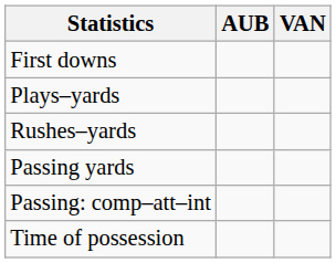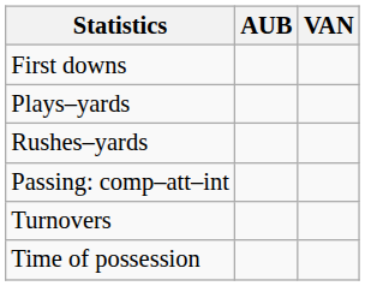 <table class="wikitable" style="float:left">
 <tr>
 <th>Statistics</th>
 <th>AUB</th>
 <th>VAN</th>
 </tr>
 <tr>
 <td>First downs</td>
 <td></td>
 <td></td>
 </tr>
 <tr>
 <td>Plays–yards</td>
 <td></td>
 <td></td>
 </tr>
 <tr>
 <td>Rushes–yards</td>
 <td></td>
 <td></td>
 </tr>
 <tr>
-<td>Passing yards</td>
+<td>Passing: comp–att–int</td>
 <td></td>
 <td></td>
 </tr>
 <tr>
-<td>Passing: comp–att–int</td>
+<td>Turnovers</td>
 <td></td>
 <td></td>
 </tr>
 <tr>
 <td>Time of possession</td>
 <td></td>
 <td></td>
 </tr>
 </table>
